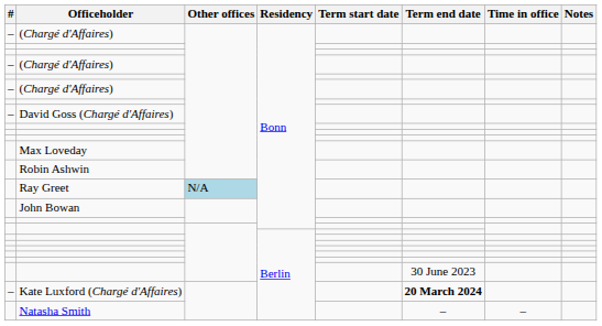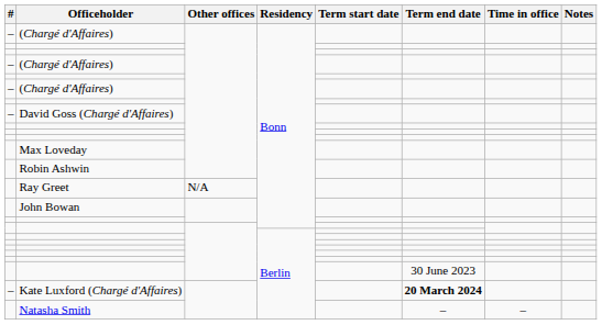 <table class='wikitable sortable'>
 <tr>
 <th>#</th>
 <th>Officeholder</th>
 <th>Other offices</th>
 <th>Residency</th>
 <th>Term start date</th>
 <th>Term end date</th>
 <th>Time in office</th>
 <th>Notes</th>
 </tr>
 <tr>
 <td align=center>–</td>
 <td> (<em>Chargé d'Affaires</em>)</td>
 <td rowspan=13></td>
 <td rowspan=17><a href='#'>Bonn</a></td>
 <td align=center></td>
 <td align=center></td>
 <td align=right></td>
 <td></td>
 </tr>
 <tr>
 <td align=center></td>
 <td></td>
 <td align=center></td>
 <td align=center></td>
 <td align=right></td>
 <td></td>
 </tr>
 <tr>
 <td align=center></td>
 <td></td>
 <td align=center></td>
 <td align=center></td>
 <td align=right></td>
 <td></td>
 </tr>
 <tr>
 <td align=center>–</td>
 <td> (<em>Chargé d'Affaires</em>)</td>
 <td align=center></td>
 <td align=center></td>
 <td align=right></td>
 <td></td>
 </tr>
 <tr>
 <td align=center></td>
 <td></td>
 <td align=center></td>
 <td align=center></td>
 <td align=right></td>
 <td></td>
 </tr>
 <tr>
 <td align=center>–</td>
 <td> (<em>Chargé d'Affaires</em>)</td>
 <td align=center></td>
 <td align=center></td>
 <td align=right></td>
 <td></td>
 </tr>
 <tr>
 <td align=center></td>
 <td></td>
 <td align=center></td>
 <td align=center></td>
 <td align=right></td>
 <td></td>
 </tr>
 <tr>
 <td align=center>–</td>
 <td>David Goss (<em>Chargé d'Affaires</em>)</td>
 <td align=center></td>
 <td align=center></td>
 <td align=right></td>
 <td></td>
 </tr>
 <tr>
 <td align=center></td>
 <td></td>
 <td align=center></td>
 <td align=center></td>
 <td align=right></td>
 <td></td>
 </tr>
 <tr>
 <td align=center></td>
 <td></td>
 <td align=center></td>
 <td align=center></td>
 <td align=right></td>
 <td></td>
 </tr>
 <tr>
 <td align=center></td>
 <td></td>
 <td align=center></td>
 <td align=center></td>
 <td align=right></td>
 <td></td>
 </tr>
 <tr>
 <td align=center></td>
 <td>Max Loveday</td>
 <td align=center></td>
 <td align=center></td>
 <td align=right></td>
 <td></td>
 </tr>
 <tr>
 <td align=center></td>
 <td>Robin Ashwin</td>
 <td align=center></td>
 <td align=center></td>
 <td align=right></td>
 <td></td>
 </tr>
 <tr>
 <td align=center></td>
 <td>Ray Greet</td>
-<td style="background: lightblue;">N/A</td>
+<td>N/A</td>
 <td align=center></td>
 <td align=center></td>
 <td align=right></td>
 <td></td>
 </tr>
 <tr>
 <td align=center></td>
 <td>John Bowan</td>
 <td rowspan=2></td>
 <td align=center></td>
 <td align=center></td>
 <td align=right></td>
 <td></td>
 </tr>
 <tr>
 <td align=center></td>
 <td></td>
 <td align=center></td>
 <td align=center></td>
 <td align=right></td>
 <td></td>
 </tr>
 <tr>
 <td rowspan=2 align=center></td>
 <td rowspan=2></td>
 <td rowspan=8></td>
 <td align=center></td>
 <td align=center></td>
 <td rowspan=2 align=right></td>
 <td rowspan=2></td>
 </tr>
 <tr>
 <td rowspan="9"><a href='#'>Berlin</a></td>
 <td align=center></td>
 <td align=center></td>
 </tr>
 <tr>
 <td align=center></td>
 <td></td>
 <td align=center></td>
 <td align=center></td>
 <td align=right></td>
 <td></td>
 </tr>
 <tr>
 <td align=center></td>
 <td></td>
 <td align=center></td>
 <td align=center></td>
 <td align=right></td>
 <td></td>
 </tr>
 <tr>
 <td align=center></td>
 <td></td>
 <td align=center></td>
 <td align=center></td>
 <td align=right></td>
 <td></td>
 </tr>
 <tr>
 <td align=center></td>
 <td></td>
 <td align=center></td>
 <td align=center></td>
 <td align=right></td>
 <td></td>
 </tr>
 <tr>
 <td align=center></td>
 <td></td>
 <td align=center></td>
 <td align=center></td>
 <td align=right></td>
 <td></td>
 </tr>
 <tr>
 <td align=center></td>
 <td></td>
 <td align=center></td>
 <td align=center>30 June 2023</td>
 <td align=right></td>
 <td></td>
 </tr>
 <tr>
 <td align=center>–</td>
 <td>Kate Luxford (<em>Chargé d'Affaires</em>)</td>
 <td rowspan="2"></td>
 <td align=center></td>
 <td align=center><strong>20 March 2024</strong></td>
 <td align=right></td>
 <td></td>
 </tr>
 <tr>
 <td align=center></td>
 <td><a href='#'>Natasha Smith</a></td>
 <td align=center></td>
 <td align=center>–</td>
 <td align=center>–</td>
 <td></td>
 </tr>
 </table>
